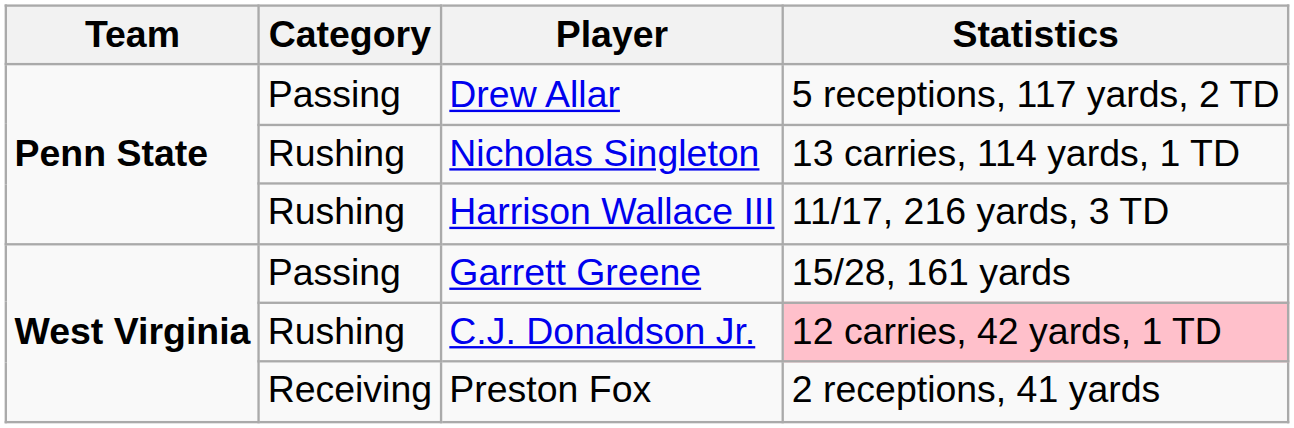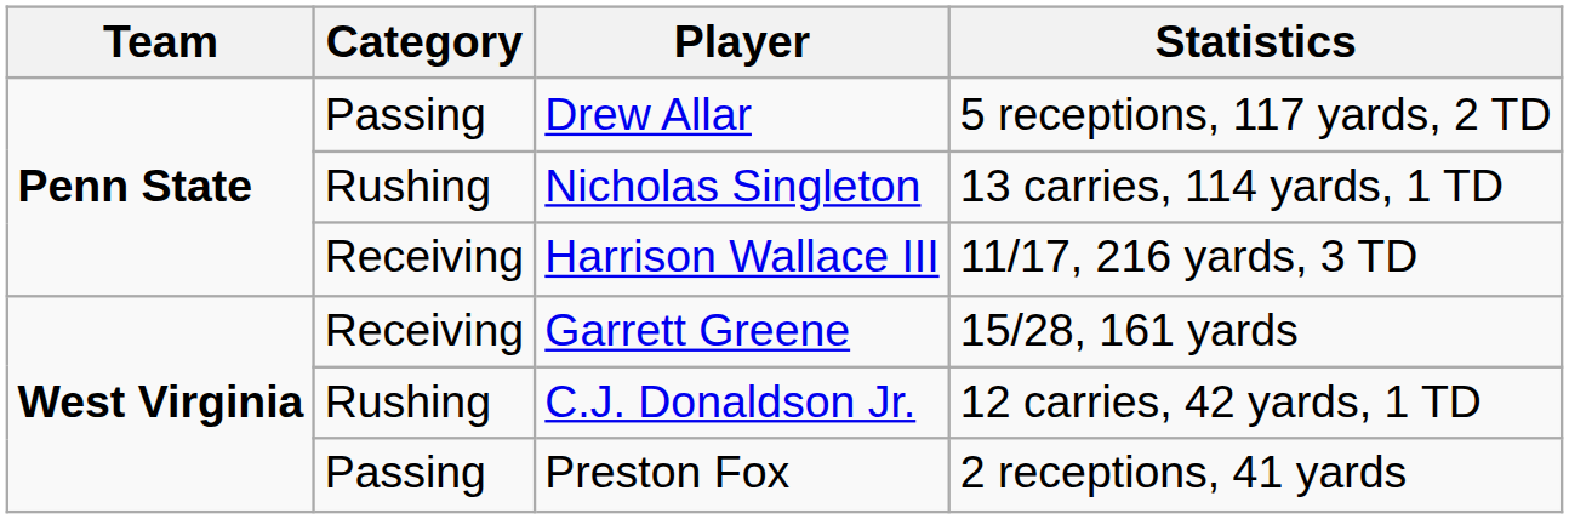 <table class="wikitable" style="float: right;">
 <tr>
 <th>Team</th>
 <th>Category</th>
 <th>Player</th>
 <th>Statistics</th>
 </tr>
 <tr>
 <td rowspan=3><strong>Penn State</strong></td>
 <td>Passing</td>
 <td><a href='#'>Drew Allar</a></td>
 <td>5 receptions, 117 yards, 2 TD</td>
 </tr>
 <tr>
 <td>Rushing</td>
 <td><a href='#'>Nicholas Singleton</a></td>
 <td>13 carries, 114 yards, 1 TD</td>
 </tr>
 <tr>
-<td>Rushing</td>
+<td>Receiving</td>
 <td><a href='#'>Harrison Wallace III</a></td>
 <td>11/17,  216 yards, 3 TD</td>
 </tr>
 <tr>
 <td rowspan=3><strong>West Virginia</strong></td>
-<td>Passing</td>
+<td>Receiving</td>
 <td><a href='#'>Garrett Greene</a></td>
 <td>15/28, 161 yards</td>
 </tr>
 <tr>
 <td>Rushing</td>
 <td><a href='#'>C.J. Donaldson Jr.</a></td>
-<td style="background: pink;">12 carries, 42 yards, 1 TD</td>
+<td>12 carries, 42 yards, 1 TD</td>
 </tr>
 <tr>
-<td>Receiving</td>
+<td>Passing</td>
 <td>Preston Fox</td>
 <td>2 receptions, 41 yards</td>
 </tr>
 </table>
